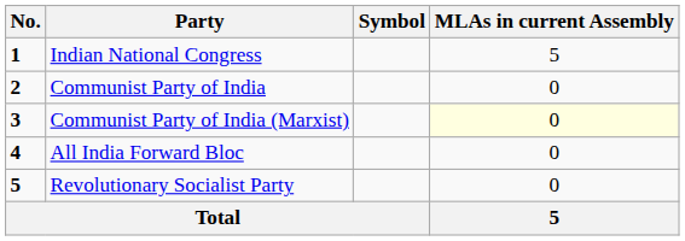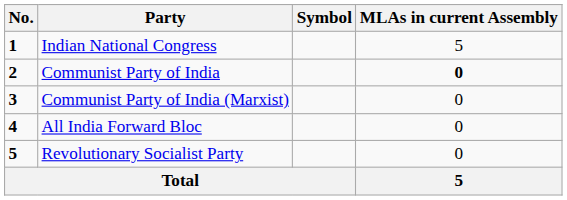 <table class="wikitable sortable">
 <tr>
 <th>No.</th>
 <th>Party</th>
 <th>Symbol</th>
 <th>MLAs in current Assembly</th>
 </tr>
 <tr>
 <td style="background-color:"><strong>1</strong></td>
 <td><a href='#'>Indian National Congress</a></td>
 <td></td>
 <td style="text-align: center;">5</td>
 </tr>
 <tr>
 <td style="background-color:"><strong>2</strong></td>
 <td><a href='#'>Communist Party of India</a></td>
 <td></td>
-<td style="text-align: center;">0</td>
+<td style="text-align: center;"><strong>0</strong></td>
 </tr>
 <tr>
 <td style="background-color:"><strong>3</strong></td>
 <td><a href='#'>Communist Party of India (Marxist)</a></td>
 <td></td>
-<td style="background: lightyellow; text-align: center;">0</td>
+<td style="text-align: center;">0</td>
 </tr>
 <tr>
 <td style="background-color:"><strong>4</strong></td>
 <td><a href='#'>All India Forward Bloc</a></td>
 <td></td>
 <td style="text-align: center">0</td>
 </tr>
 <tr>
 <td style="background-color:"><strong>5</strong></td>
 <td><a href='#'>Revolutionary Socialist Party</a></td>
 <td></td>
 <td style="text-align: center;">0</td>
 </tr>
 <tr>
 <th colspan=3>Total</th>
 <th>5</th>
 </tr>
 </table>
